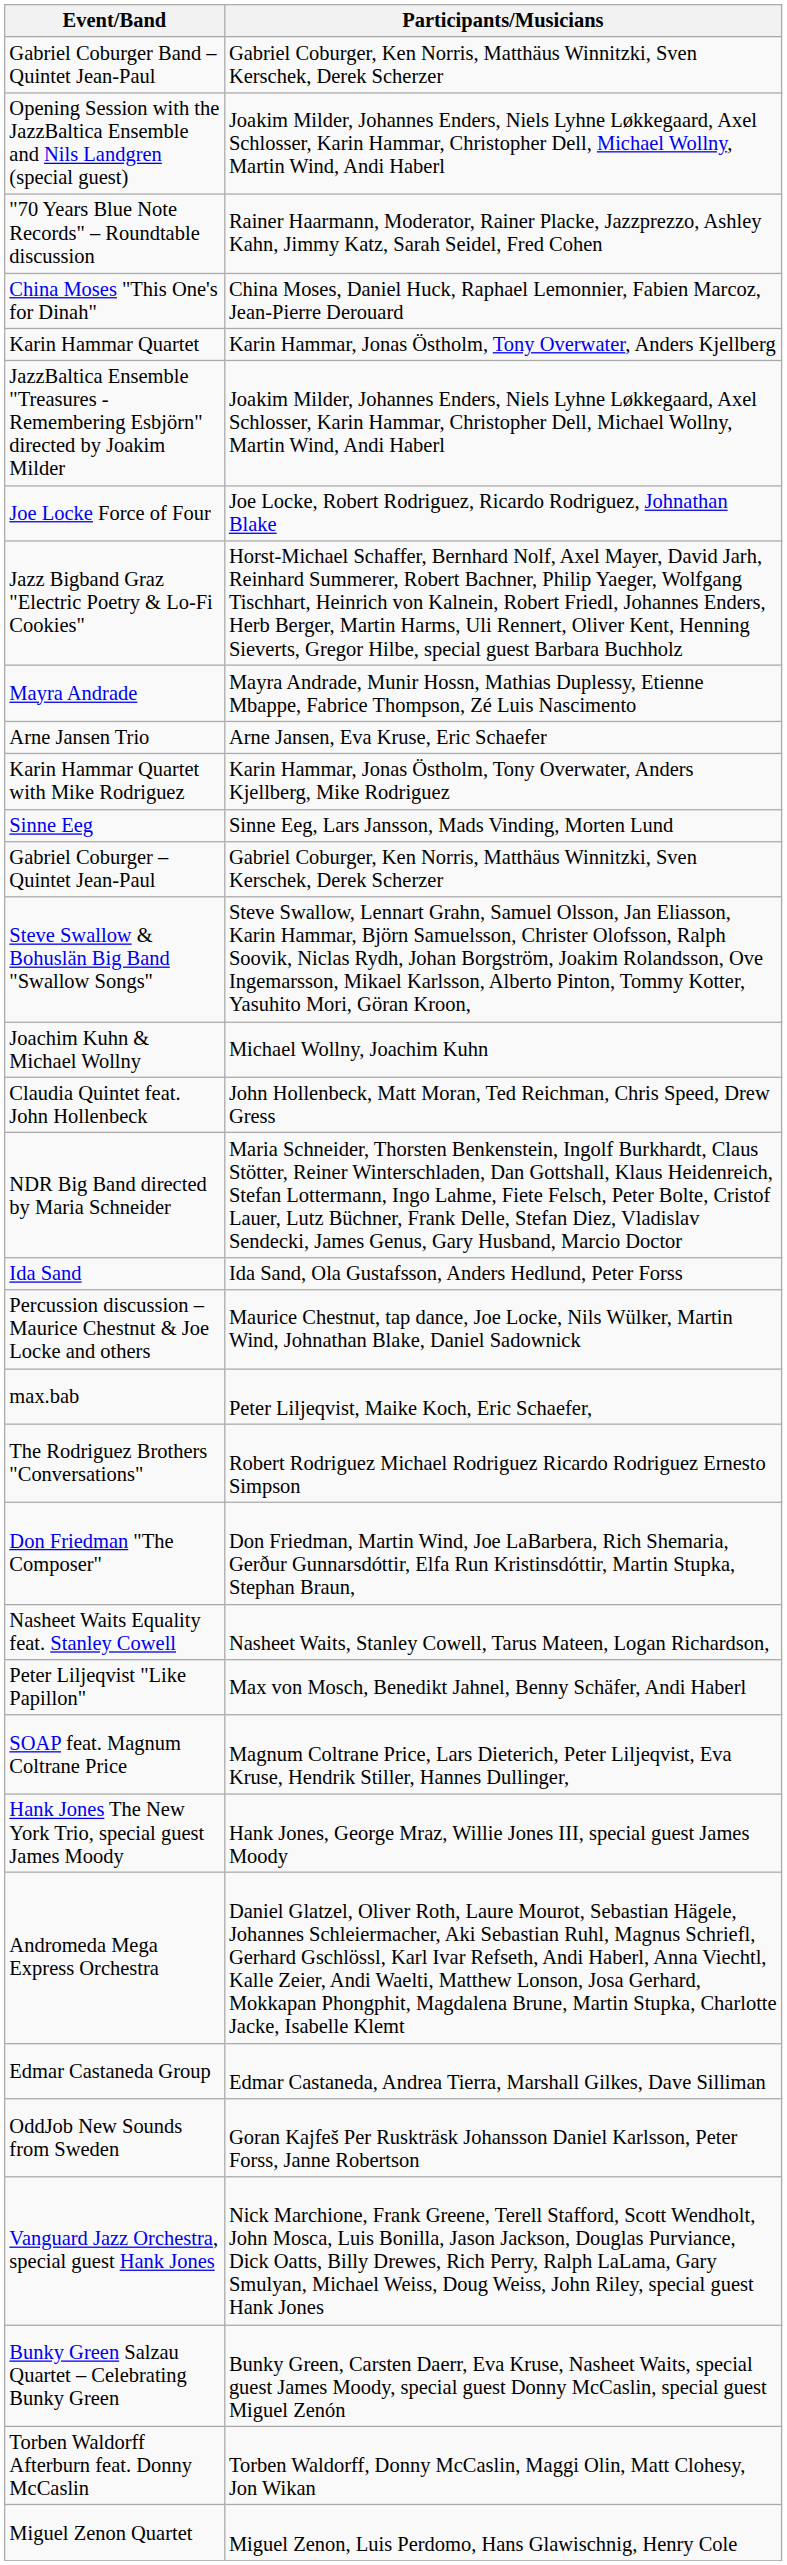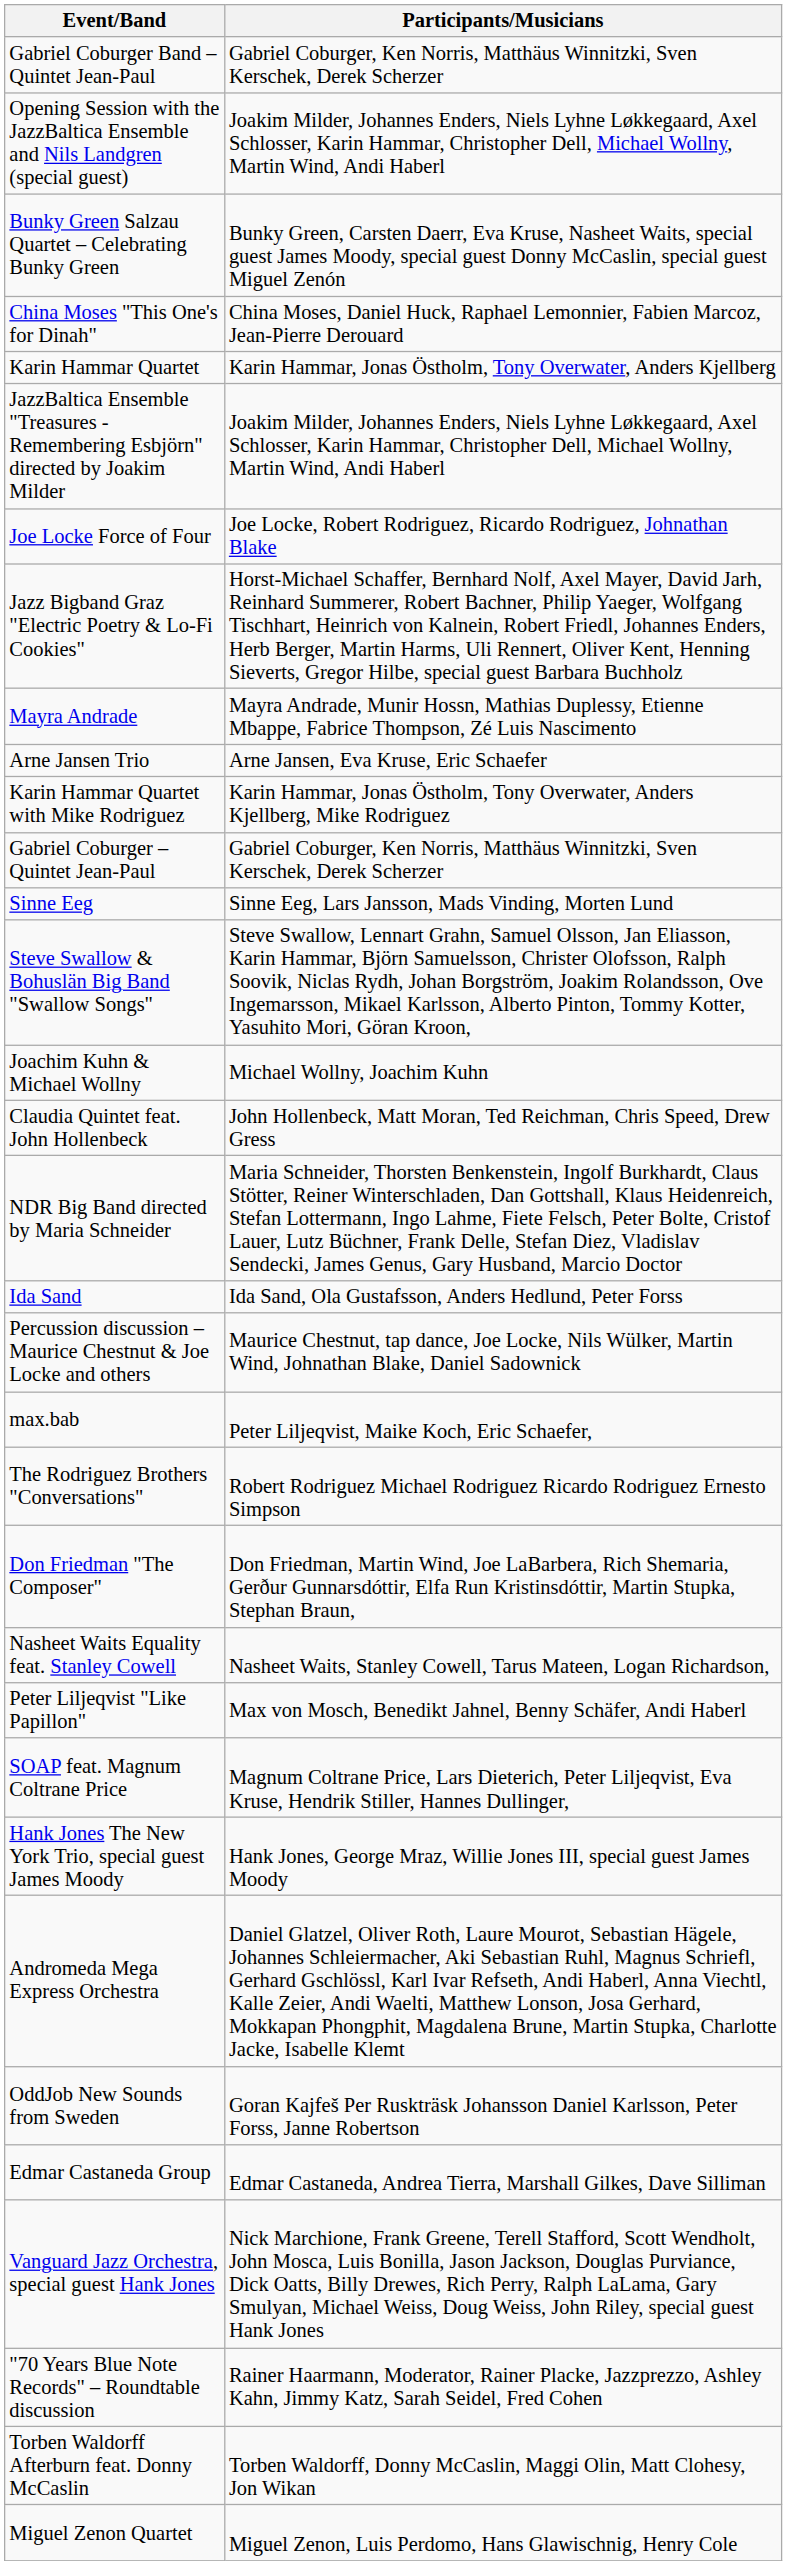 <table class="wikitable">
 <tr>
 <th>Event/Band</th>
 <th>Participants/Musicians</th>
 </tr>
 <tr>
 <td>Gabriel Coburger Band – Quintet Jean-Paul</td>
 <td>Gabriel Coburger, Ken Norris, Matthäus Winnitzki, Sven Kerschek, Derek Scherzer</td>
 </tr>
 <tr>
 <td>Opening Session with the JazzBaltica Ensemble and <a href='#'>Nils Landgren</a> (special guest)</td>
 <td>Joakim Milder, Johannes Enders, Niels Lyhne Løkkegaard, Axel Schlosser, Karin Hammar, Christopher Dell, <a href='#'>Michael Wollny</a>, Martin Wind, Andi Haberl</td>
 </tr>
 <tr>
-<td>"70 Years Blue Note Records" – Roundtable discussion</td>
-<td>Rainer Haarmann, Moderator, Rainer Placke, Jazzprezzo, Ashley Kahn, Jimmy Katz, Sarah Seidel, Fred Cohen</td>
+<td><a href='#'>Bunky Green</a> Salzau Quartet – Celebrating Bunky Green</td>
+<td><br>Bunky Green, Carsten Daerr, Eva Kruse, Nasheet Waits, special guest James Moody, special guest Donny McCaslin, special guest Miguel Zenón</td>
 </tr>
 <tr>
 <td><a href='#'>China Moses</a> "This One's for Dinah"</td>
 <td>China Moses, Daniel Huck, Raphael Lemonnier, Fabien Marcoz, Jean-Pierre Derouard</td>
 </tr>
 <tr>
 <td>Karin Hammar Quartet</td>
 <td>Karin Hammar, Jonas Östholm, <a href='#'>Tony Overwater</a>, Anders Kjellberg</td>
 </tr>
 <tr>
 <td>JazzBaltica Ensemble "Treasures - Remembering Esbjörn" directed by Joakim Milder</td>
 <td>Joakim Milder, Johannes Enders, Niels Lyhne Løkkegaard, Axel Schlosser, Karin Hammar, Christopher Dell, Michael Wollny, Martin Wind, Andi Haberl</td>
 </tr>
 <tr>
 <td><a href='#'>Joe Locke</a> Force of Four</td>
 <td>Joe Locke, Robert Rodriguez, Ricardo Rodriguez, <a href='#'>Johnathan Blake</a></td>
 </tr>
 <tr>
 <td>Jazz Bigband Graz "Electric Poetry & Lo-Fi Cookies"</td>
 <td>Horst-Michael Schaffer, Bernhard Nolf, Axel Mayer, David Jarh, Reinhard Summerer, Robert Bachner, Philip Yaeger, Wolfgang Tischhart, Heinrich von Kalnein, Robert Friedl, Johannes Enders, Herb Berger, Martin Harms, Uli Rennert, Oliver Kent, Henning Sieverts, Gregor Hilbe, special guest Barbara Buchholz</td>
 </tr>
 <tr>
 <td><a href='#'>Mayra Andrade</a></td>
 <td>Mayra Andrade, Munir Hossn, Mathias Duplessy, Etienne Mbappe, Fabrice Thompson, Zé Luis Nascimento</td>
 </tr>
 <tr>
 <td>Arne Jansen Trio</td>
 <td>Arne Jansen, Eva Kruse, Eric Schaefer</td>
 </tr>
 <tr>
 <td>Karin Hammar Quartet with Mike Rodriguez</td>
 <td>Karin Hammar, Jonas Östholm, Tony Overwater, Anders Kjellberg, Mike Rodriguez</td>
 </tr>
 <tr>
+<td>Gabriel Coburger – Quintet Jean-Paul</td>
+<td>Gabriel Coburger, Ken Norris, Matthäus Winnitzki, Sven Kerschek, Derek Scherzer</td>
+</tr>
+<tr>
 <td><a href='#'>Sinne Eeg</a></td>
 <td>Sinne Eeg, Lars Jansson, Mads Vinding, Morten Lund</td>
-</tr>
-<tr>
-<td>Gabriel Coburger – Quintet Jean-Paul</td>
-<td>Gabriel Coburger, Ken Norris, Matthäus Winnitzki, Sven Kerschek, Derek Scherzer</td>
 </tr>
 <tr>
 <td><a href='#'>Steve Swallow</a> & <a href='#'>Bohuslän Big Band</a> "Swallow Songs"</td>
 <td>Steve Swallow, Lennart Grahn, Samuel Olsson, Jan Eliasson, Karin Hammar, Björn Samuelsson, Christer Olofsson, Ralph Soovik, Niclas Rydh, Johan Borgström, Joakim Rolandsson, Ove Ingemarsson, Mikael Karlsson, Alberto Pinton, Tommy Kotter, Yasuhito Mori, Göran Kroon,</td>
 </tr>
 <tr>
 <td>Joachim Kuhn & Michael Wollny</td>
 <td>Michael Wollny, Joachim Kuhn</td>
 </tr>
 <tr>
 <td>Claudia Quintet feat. John Hollenbeck</td>
 <td>John Hollenbeck, Matt Moran, Ted Reichman, Chris Speed, Drew Gress</td>
 </tr>
 <tr>
 <td>NDR Big Band directed by Maria Schneider</td>
 <td>Maria Schneider, Thorsten Benkenstein, Ingolf Burkhardt, Claus Stötter, Reiner Winterschladen, Dan Gottshall, Klaus Heidenreich, Stefan Lottermann, Ingo Lahme, Fiete Felsch, Peter Bolte, Cristof Lauer, Lutz Büchner, Frank Delle, Stefan Diez, Vladislav Sendecki, James Genus, Gary Husband, Marcio Doctor</td>
 </tr>
 <tr>
 <td><a href='#'>Ida Sand</a></td>
 <td>Ida Sand, Ola Gustafsson, Anders Hedlund, Peter Forss</td>
 </tr>
 <tr>
 <td>Percussion discussion – Maurice Chestnut & Joe Locke and others</td>
 <td>Maurice Chestnut, tap dance, Joe Locke, Nils Wülker, Martin Wind, Johnathan Blake, Daniel Sadownick</td>
 </tr>
 <tr>
 <td>max.bab</td>
 <td><br>Peter Liljeqvist, Maike Koch, Eric Schaefer,</td>
 </tr>
 <tr>
 <td>The Rodriguez Brothers "Conversations"</td>
 <td><br>Robert Rodriguez Michael Rodriguez Ricardo Rodriguez Ernesto Simpson</td>
 </tr>
 <tr>
 <td><a href='#'>Don Friedman</a> "The Composer"</td>
 <td><br>Don Friedman, Martin Wind, Joe LaBarbera, Rich Shemaria, Gerður Gunnarsdóttir, Elfa Run Kristinsdóttir, Martin Stupka, Stephan Braun,</td>
 </tr>
 <tr>
 <td>Nasheet Waits Equality feat. <a href='#'>Stanley Cowell</a></td>
 <td><br>Nasheet Waits, Stanley Cowell, Tarus Mateen, Logan Richardson,</td>
 </tr>
 <tr>
 <td>Peter Liljeqvist "Like Papillon"</td>
 <td>Max von Mosch, Benedikt Jahnel, Benny Schäfer, Andi Haberl</td>
 </tr>
 <tr>
 <td><a href='#'>SOAP</a> feat. Magnum Coltrane Price</td>
 <td><br>Magnum Coltrane Price, Lars Dieterich, Peter Liljeqvist, Eva Kruse, Hendrik Stiller, Hannes Dullinger,</td>
 </tr>
 <tr>
 <td><a href='#'>Hank Jones</a> The New York Trio, special guest James Moody</td>
 <td><br>Hank Jones, George Mraz, Willie Jones III, special guest James Moody</td>
 </tr>
 <tr>
 <td>Andromeda Mega Express Orchestra</td>
 <td><br>Daniel Glatzel, Oliver Roth, Laure Mourot, Sebastian Hägele, Johannes Schleiermacher, Aki Sebastian Ruhl, Magnus Schriefl, Gerhard Gschlössl, Karl Ivar Refseth, Andi Haberl, Anna Viechtl, Kalle Zeier, Andi Waelti, Matthew Lonson, Josa Gerhard, Mokkapan Phongphit, Magdalena Brune, Martin Stupka, Charlotte Jacke, Isabelle Klemt</td>
 </tr>
 <tr>
+<td>OddJob New Sounds from Sweden</td>
+<td><br>Goran Kajfeš Per Ruskträsk Johansson Daniel Karlsson, Peter Forss, Janne Robertson</td>
+</tr>
+<tr>
 <td>Edmar Castaneda Group</td>
 <td><br>Edmar Castaneda, Andrea Tierra, Marshall Gilkes, Dave Silliman</td>
-</tr>
-<tr>
-<td>OddJob New Sounds from Sweden</td>
-<td><br>Goran Kajfeš Per Ruskträsk Johansson Daniel Karlsson, Peter Forss, Janne Robertson</td>
 </tr>
 <tr>
 <td><a href='#'>Vanguard Jazz Orchestra</a>, special guest <a href='#'>Hank Jones</a></td>
 <td><br>Nick Marchione, Frank Greene, Terell Stafford, Scott Wendholt, John Mosca, Luis Bonilla, Jason Jackson, Douglas Purviance, Dick Oatts, Billy Drewes, Rich Perry, Ralph LaLama, Gary Smulyan, Michael Weiss, Doug Weiss, John Riley, special guest Hank Jones</td>
 </tr>
 <tr>
-<td><a href='#'>Bunky Green</a> Salzau Quartet – Celebrating Bunky Green</td>
-<td><br>Bunky Green, Carsten Daerr, Eva Kruse, Nasheet Waits, special guest James Moody, special guest Donny McCaslin, special guest Miguel Zenón</td>
+<td>"70 Years Blue Note Records" – Roundtable discussion</td>
+<td>Rainer Haarmann, Moderator, Rainer Placke, Jazzprezzo, Ashley Kahn, Jimmy Katz, Sarah Seidel, Fred Cohen</td>
 </tr>
 <tr>
 <td>Torben Waldorff Afterburn feat. Donny McCaslin</td>
 <td><br>Torben Waldorff, Donny McCaslin, Maggi Olin, Matt Clohesy, Jon Wikan</td>
 </tr>
 <tr>
 <td>Miguel Zenon Quartet</td>
 <td><br>Miguel Zenon, Luis Perdomo, Hans Glawischnig, Henry Cole</td>
 </tr>
 </table>
